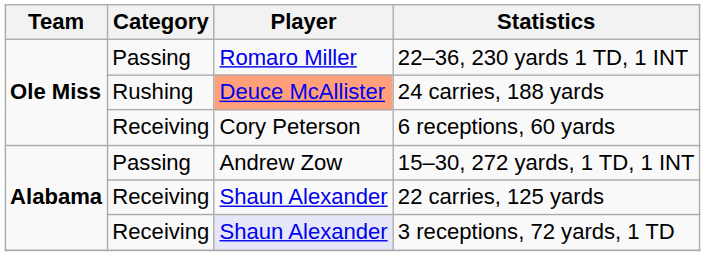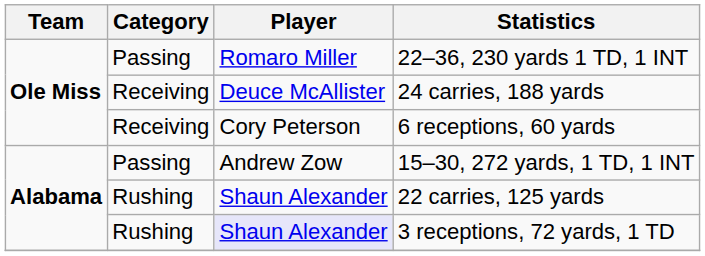 <table class="wikitable" style="float: right;">
 <tr>
 <th>Team</th>
 <th>Category</th>
 <th>Player</th>
 <th>Statistics</th>
 </tr>
 <tr>
 <td rowspan=3><strong>Ole Miss</strong></td>
 <td>Passing</td>
 <td><a href='#'>Romaro Miller</a></td>
 <td>22–36, 230 yards 1 TD, 1 INT</td>
 </tr>
 <tr>
-<td>Rushing</td>
-<td style="background: lightsalmon;"><a href='#'>Deuce McAllister</a></td>
+<td>Receiving</td>
+<td><a href='#'>Deuce McAllister</a></td>
 <td>24 carries, 188 yards</td>
 </tr>
 <tr>
 <td>Receiving</td>
 <td>Cory Peterson</td>
 <td>6 receptions, 60 yards</td>
 </tr>
 <tr>
 <td rowspan=3><strong>Alabama</strong></td>
 <td>Passing</td>
 <td>Andrew Zow</td>
 <td>15–30, 272 yards, 1 TD, 1 INT</td>
 </tr>
 <tr>
-<td>Receiving</td>
+<td>Rushing</td>
 <td><a href='#'>Shaun Alexander</a></td>
 <td>22 carries, 125 yards</td>
 </tr>
 <tr>
-<td>Receiving</td>
+<td>Rushing</td>
 <td style="background: lavender;"><a href='#'>Shaun Alexander</a></td>
 <td>3 receptions, 72 yards, 1 TD</td>
 </tr>
 <tr>
 </tr>
 </table>
